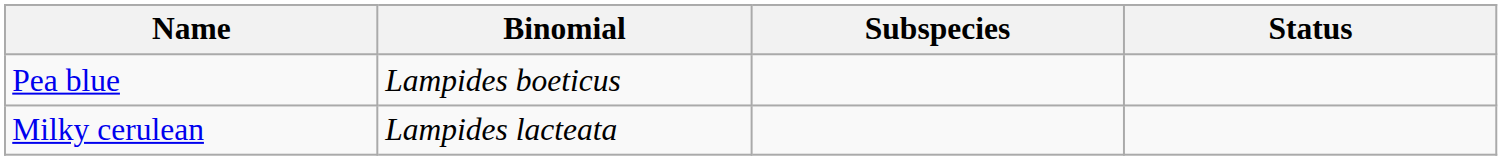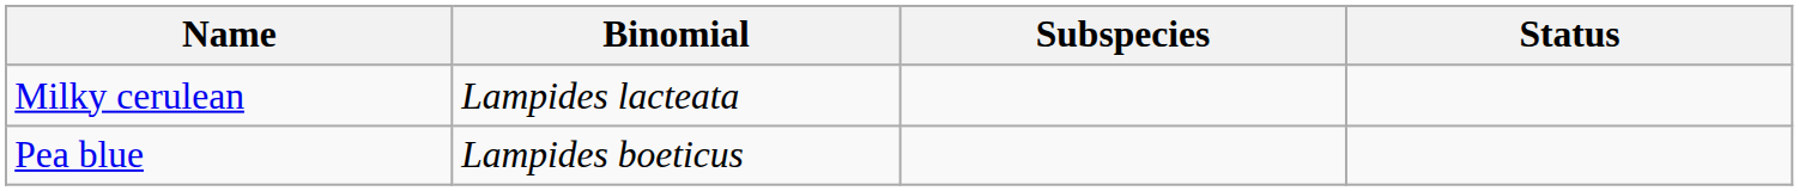 <table width=60% class="wikitable">
 <tr>
 <th width=20%>Name</th>
 <th width=20%>Binomial</th>
 <th width=20%>Subspecies</th>
 <th width=20%>Status</th>
 </tr>
 <tr>
+<td><a href='#'>Milky cerulean</a></td>
+<td><em>Lampides lacteata</em></td>
+<td></td>
+<td></td>
+</tr>
+<tr>
 <td><a href='#'>Pea blue</a><br>  </td>
 <td><em>Lampides boeticus</em></td>
 <td></td>
 <td></td>
 </tr>
-<tr>
-<td><a href='#'>Milky cerulean</a></td>
-<td><em>Lampides lacteata</em></td>
-<td></td>
-<td></td>
-</tr>
 </table>
